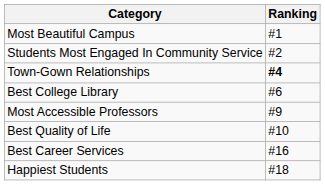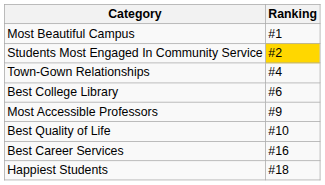 <table class="wikitable">
 <tr>
 <th>Category</th>
 <th>Ranking</th>
 </tr>
 <tr>
 <td>Most Beautiful Campus</td>
 <td>#1</td>
 </tr>
 <tr>
 <td>Students Most Engaged In Community Service</td>
-<td>#2</td>
+<td style="background: gold;">#2</td>
 </tr>
 <tr>
 <td>Town-Gown Relationships</td>
-<td><strong>#4</strong></td>
+<td>#4</td>
 </tr>
 <tr>
 <td>Best College Library</td>
 <td>#6</td>
 </tr>
 <tr>
 <td>Most Accessible Professors</td>
 <td>#9</td>
 </tr>
 <tr>
 <td>Best Quality of Life</td>
 <td>#10</td>
 </tr>
 <tr>
 <td>Best Career Services</td>
 <td>#16</td>
 </tr>
 <tr>
 <td>Happiest Students</td>
 <td>#18</td>
 </tr>
 </table>
